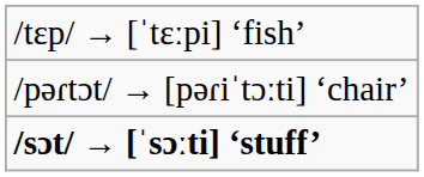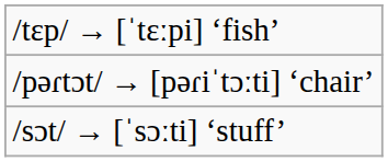 <table class="wikitable">
 <tr>
 <td>/tɛp/ → [ˈtɛːpi] ‘fish’</td>
 </tr>
 <tr>
 <td>/pəɾtɔt/ → [pəɾiˈtɔːti] ‘chair’</td>
 </tr>
 <tr>
-<td><strong>/sɔt/ → [ˈsɔːti] ‘stuff’</strong></td>
+<td>/sɔt/ → [ˈsɔːti] ‘stuff’</td>
 </tr>
 </table>
